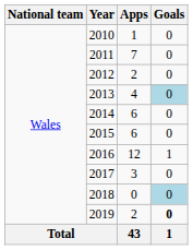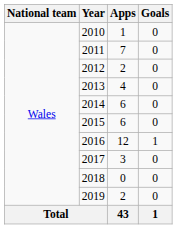 <table class="wikitable" style="text-align: center;">
 <tr>
 <th>National team</th>
 <th>Year</th>
 <th>Apps</th>
 <th>Goals</th>
 </tr>
 <tr>
 <td rowspan="10"><a href='#'>Wales</a></td>
 <td>2010</td>
 <td>1</td>
 <td>0</td>
 </tr>
 <tr>
 <td>2011</td>
 <td>7</td>
 <td>0</td>
 </tr>
 <tr>
 <td>2012</td>
 <td>2</td>
 <td>0</td>
 </tr>
 <tr>
 <td>2013</td>
 <td>4</td>
-<td style="background: lightblue;">0</td>
+<td>0</td>
 </tr>
 <tr>
 <td>2014</td>
 <td>6</td>
 <td>0</td>
 </tr>
 <tr>
 <td>2015</td>
 <td>6</td>
 <td>0</td>
 </tr>
 <tr>
 <td>2016</td>
 <td>12</td>
 <td>1</td>
 </tr>
 <tr>
 <td>2017</td>
 <td>3</td>
 <td>0</td>
 </tr>
 <tr>
 <td>2018</td>
 <td>0</td>
-<td style="background: lightblue;">0</td>
+<td>0</td>
 </tr>
 <tr>
 <td>2019</td>
 <td>2</td>
-<td><strong>0</strong></td>
+<td>0</td>
 </tr>
 <tr>
 <th colspan="2">Total</th>
 <th>43</th>
 <th>1</th>
 </tr>
 </table>
